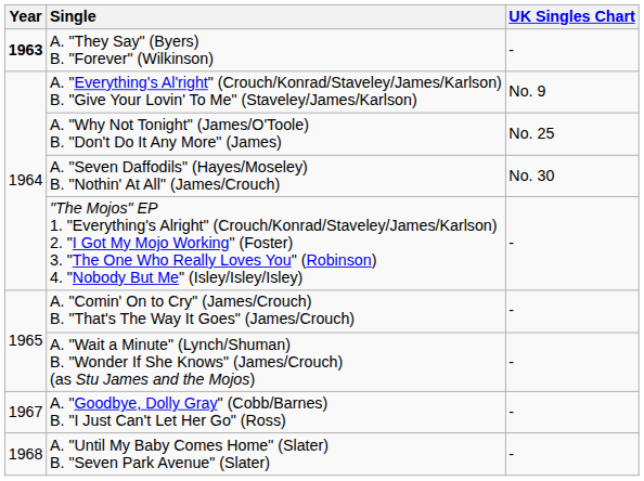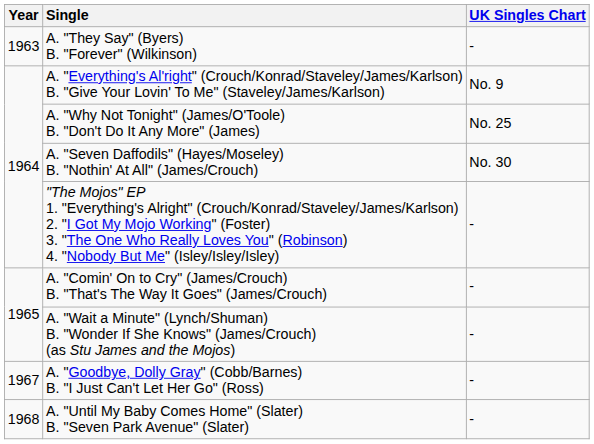 <table class="wikitable">
 <tr>
 <th style="text-align:center; vertical-align:top;">Year</th>
 <th style="text-align:left; vertical-align:top;">Single</th>
 <th style="text-align:left; vertical-align:top;"><a href='#'>UK Singles Chart</a></th>
 </tr>
 <tr>
-<td><strong>1963</strong></td>
+<td>1963</td>
 <td>A. "They Say" (Byers)<br> B. "Forever" (Wilkinson)</td>
 <td>-</td>
 </tr>
 <tr>
 <td rowspan="4">1964</td>
 <td>A. "<a href='#'>Everything's Al'right</a>" (Crouch/Konrad/Staveley/James/Karlson) <br> B. "Give Your Lovin' To Me"   (Staveley/James/Karlson)</td>
 <td>No. 9</td>
 </tr>
 <tr>
 <td>A. "Why Not Tonight" (James/O'Toole) <br> B. "Don't Do It Any More" (James)</td>
 <td>No. 25</td>
 </tr>
 <tr>
 <td>A. "Seven Daffodils" (Hayes/Moseley) <br>B. "Nothin' At All" (James/Crouch)</td>
 <td>No. 30</td>
 </tr>
 <tr>
 <td><em>"The Mojos" EP</em><br> 1. "Everything's Alright" (Crouch/Konrad/Staveley/James/Karlson) <br> 2. "<a href='#'>I Got My Mojo Working</a>" (Foster) <br> 3. "<a href='#'>The One Who Really Loves You</a>" (<a href='#'>Robinson</a>)<br> 4. "<a href='#'>Nobody But Me</a>" (Isley/Isley/Isley)</td>
 <td>-</td>
 </tr>
 <tr>
 <td rowspan="2">1965</td>
 <td>A. "Comin' On to Cry" (James/Crouch) <br> B. "That's The Way It Goes" (James/Crouch)</td>
 <td>-</td>
 </tr>
 <tr>
 <td>A. "Wait a Minute" (Lynch/Shuman) <br> B. "Wonder If She Knows" (James/Crouch)<br>(as <em>Stu James and the Mojos</em>)</td>
 <td>-</td>
 </tr>
 <tr>
 <td>1967</td>
 <td>A. "<a href='#'>Goodbye, Dolly Gray</a>" (Cobb/Barnes) <br> B. "I Just Can't Let Her Go" (Ross)</td>
 <td>-</td>
 </tr>
 <tr>
 <td>1968</td>
 <td>A. "Until My Baby Comes Home" (Slater) <br> B. "Seven Park Avenue" (Slater)</td>
 <td>-</td>
 </tr>
 </table>
